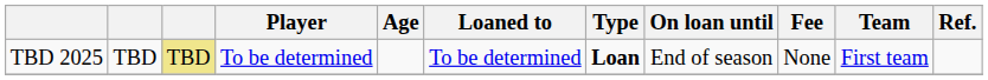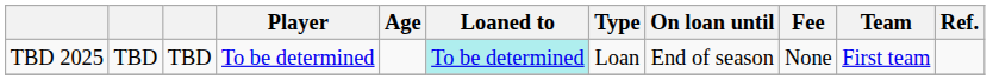 <table class="wikitable" style="text-align:center; font-size:100%; ">
 <tr>
 <th></th>
 <th></th>
 <th></th>
 <th>Player</th>
 <th>Age</th>
 <th>Loaned to</th>
 <th>Type</th>
 <th>On loan until</th>
 <th>Fee</th>
 <th>Team</th>
 <th>Ref.</th>
 </tr>
 <tr>
 <td>TBD 2025</td>
 <td>TBD</td>
-<td style="background: khaki;">TBD</td>
+<td>TBD</td>
 <td style="text-align:left"><a href='#'>To be determined</a></td>
 <td></td>
-<td style="text-align:left"><a href='#'>To be determined</a></td>
-<td><strong>Loan</strong></td>
+<td style="background: paleturquoise; text-align:left"><a href='#'>To be determined</a></td>
+<td>Loan</td>
 <td>End of season</td>
 <td>None</td>
 <td><a href='#'>First team</a></td>
 <td></td>
 </tr>
 <tr>
 </tr>
 </table>
